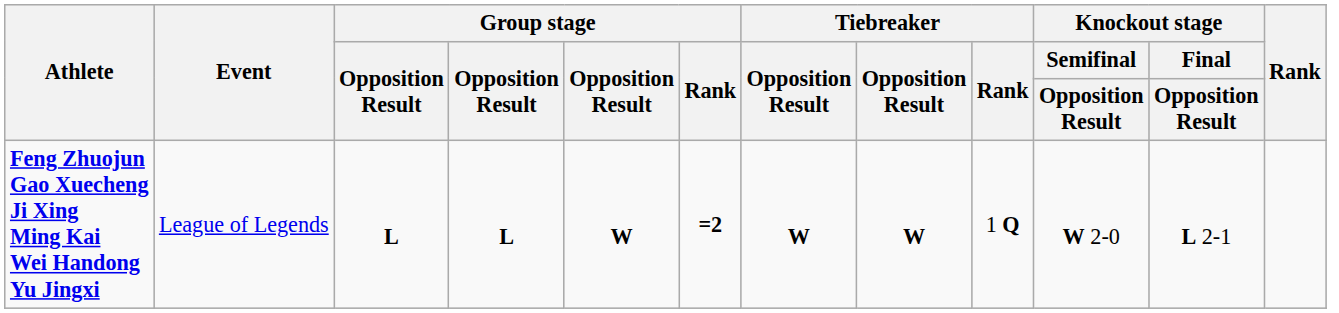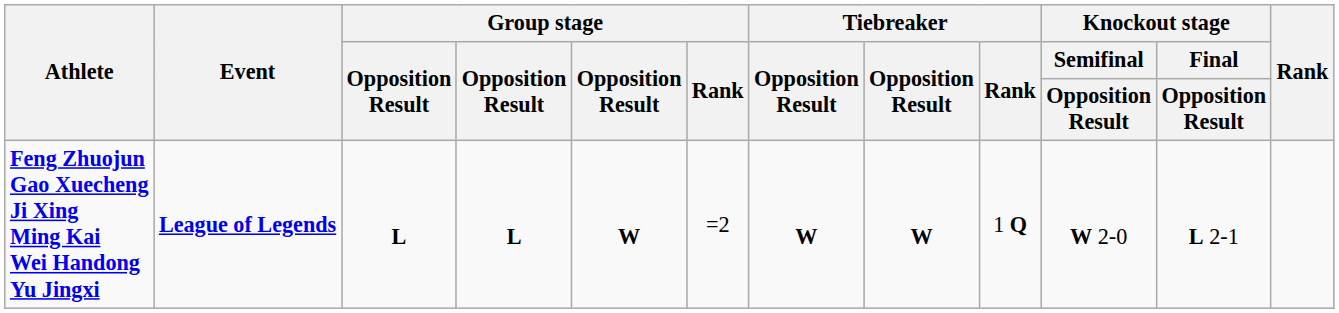 <table class=wikitable style=font-size:90%;text-align:center>
 <tr>
 <th rowspan=3>Athlete</th>
 <th rowspan=3>Event</th>
 <th colspan=4>Group stage</th>
 <th colspan=3>Tiebreaker</th>
 <th colspan=2>Knockout stage</th>
 <th rowspan=3>Rank</th>
 </tr>
 <tr>
 <th rowspan=2>Opposition<br>Result</th>
 <th rowspan=2>Opposition<br>Result</th>
 <th rowspan=2>Opposition<br>Result</th>
 <th rowspan=2>Rank</th>
 <th rowspan=2>Opposition<br>Result</th>
 <th rowspan=2>Opposition<br>Result</th>
 <th rowspan=2>Rank</th>
 <th>Semifinal</th>
 <th>Final</th>
 </tr>
 <tr>
 <th>Opposition<br>Result</th>
 <th>Opposition<br>Result</th>
 </tr>
 <tr>
 <td align=left><strong><a href='#'>Feng Zhuojun</a><br><a href='#'>Gao Xuecheng</a><br><a href='#'>Ji Xing</a><br><a href='#'>Ming Kai</a><br><a href='#'>Wei Handong</a><br><a href='#'>Yu Jingxi</a></strong></td>
-<td align=left><a href='#'>League of Legends</a></td>
+<td align=left><strong><a href='#'>League of Legends</a></strong></td>
 <td><br><strong>L</strong></td>
 <td><br><strong>L</strong></td>
 <td><br><strong>W</strong></td>
-<td><strong>=2</strong></td>
+<td>=2</td>
 <td><br><strong>W</strong></td>
 <td><br><strong>W</strong></td>
 <td>1 <strong>Q</strong></td>
 <td><br><strong>W</strong> 2-0</td>
 <td><br><strong>L</strong> 2-1</td>
 <td></td>
 </tr>
 </table>
